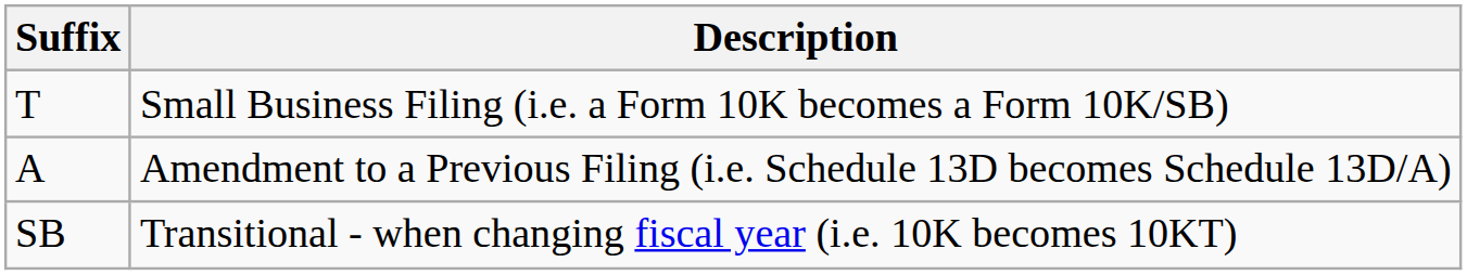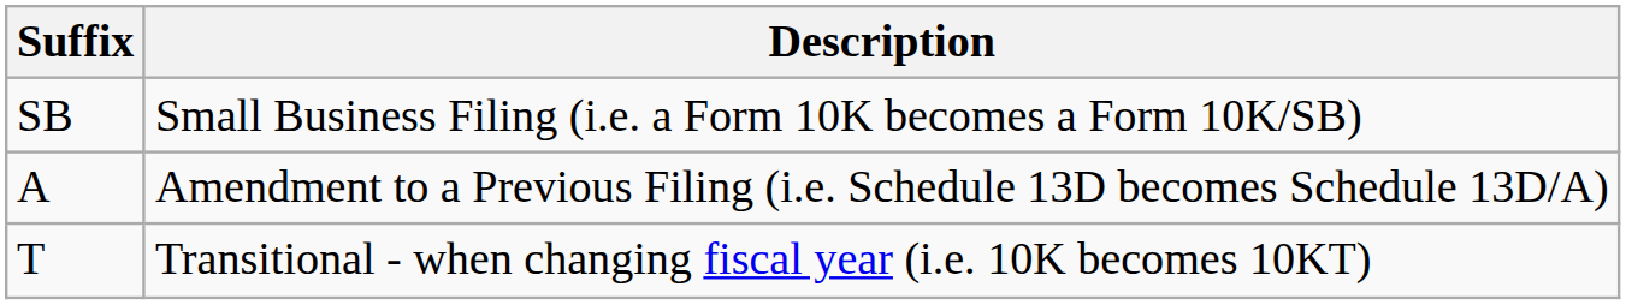 <table class="wikitable" border="1">
 <tr>
 <th>Suffix</th>
 <th>Description</th>
 </tr>
 <tr>
-<td>T</td>
+<td>SB</td>
 <td>Small Business Filing (i.e. a Form 10K becomes a Form 10K/SB)</td>
 </tr>
 <tr>
 <td>A</td>
 <td>Amendment to a Previous Filing (i.e. Schedule 13D becomes Schedule 13D/A)</td>
 </tr>
 <tr>
-<td>SB</td>
+<td>T</td>
 <td>Transitional - when changing <a href='#'>fiscal year</a> (i.e. 10K becomes 10KT)</td>
 </tr>
 </table>
